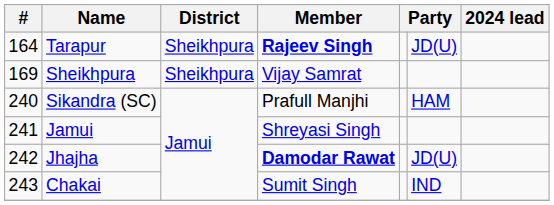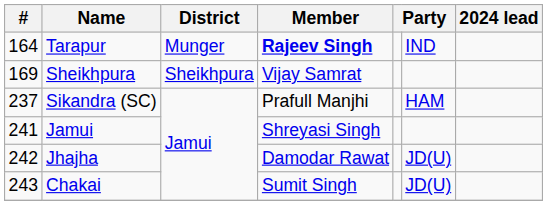 <table class="wikitable">
 <tr>
 <th>#</th>
 <th>Name</th>
 <th>District</th>
 <th>Member</th>
 <th colspan="2">Party</th>
 <th colspan="2">2024 lead</th>
 </tr>
 <tr>
 <td>164</td>
 <td><a href='#'>Tarapur</a></td>
-<td><a href='#'>Sheikhpura</a></td>
+<td><a href='#'>Munger</a></td>
 <td><strong><a href='#'>Rajeev Singh</a></strong></td>
 <td style="background-color: "></td>
-<td><a href='#'>JD(U)</a></td>
+<td><a href='#'>IND</a></td>
 <td></td>
 </tr>
 <tr>
 <td>169</td>
 <td><a href='#'>Sheikhpura</a></td>
 <td><a href='#'>Sheikhpura</a></td>
 <td><a href='#'>Vijay Samrat</a></td>
 <td></td>
 <td></td>
 </tr>
 <tr>
-<td>240</td>
+<td>237</td>
 <td><a href='#'>Sikandra</a> (SC)</td>
 <td rowspan="4"><a href='#'>Jamui</a></td>
 <td>Prafull Manjhi</td>
 <td style="background-color: "></td>
 <td><a href='#'>HAM</a></td>
 <td></td>
 </tr>
 <tr>
 <td>241</td>
 <td><a href='#'>Jamui</a></td>
 <td><a href='#'>Shreyasi Singh</a></td>
 <td></td>
 <td></td>
 </tr>
 <tr>
 <td>242</td>
 <td><a href='#'>Jhajha</a></td>
-<td><strong><a href='#'>Damodar Rawat</a></strong></td>
+<td><a href='#'>Damodar Rawat</a></td>
 <td style="background-color: "></td>
 <td><a href='#'>JD(U)</a></td>
 <td></td>
 </tr>
 <tr>
 <td>243</td>
 <td><a href='#'>Chakai</a></td>
 <td><a href='#'>Sumit Singh</a></td>
 <td style="background-color: "></td>
-<td><a href='#'>IND</a></td>
+<td><a href='#'>JD(U)</a></td>
 <td></td>
 </tr>
 <tr>
 </tr>
 </table>
